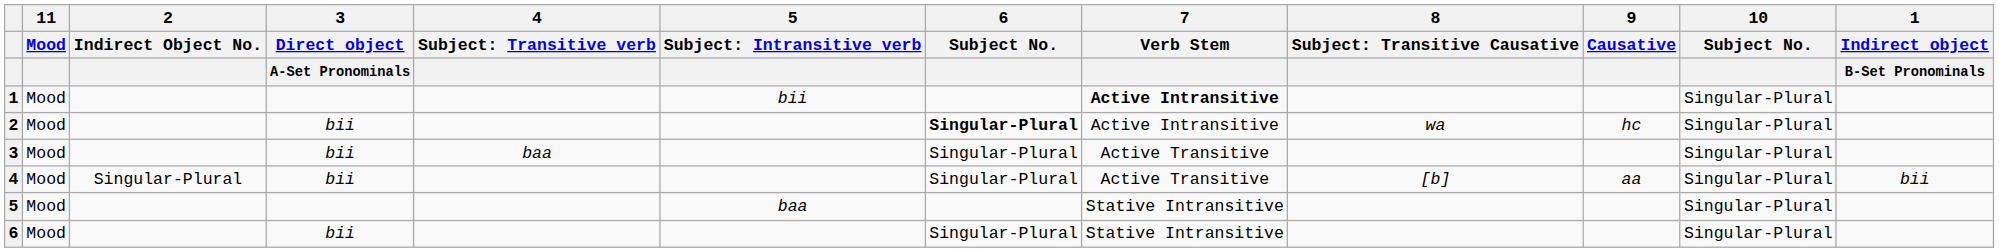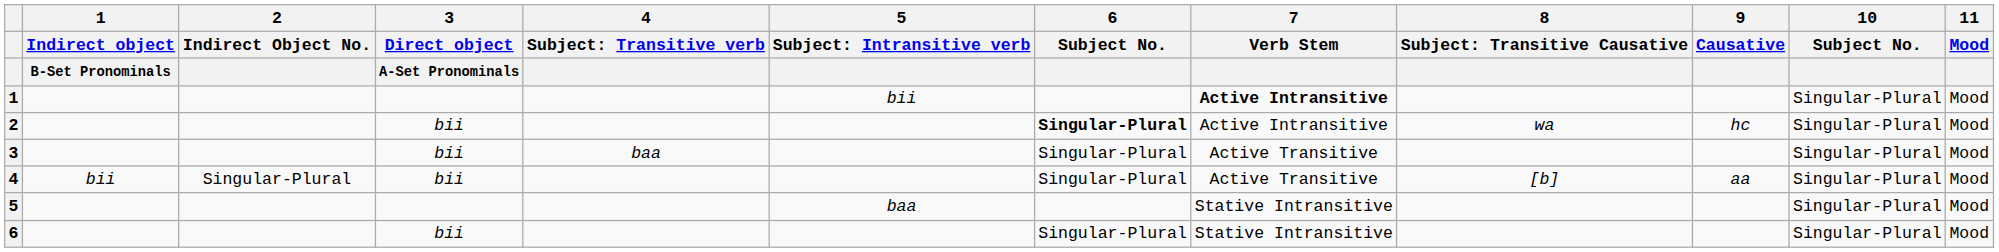 <table class="wikitable" style="text-align:center;">
 <tr>
 <th></th>
-<th>11</th>
+<th>1</th>
 <th>2</th>
 <th>3</th>
 <th>4</th>
 <th>5</th>
 <th>6</th>
 <th>7</th>
 <th>8</th>
 <th>9</th>
 <th>10</th>
-<th>1</th>
+<th>11</th>
 </tr>
 <tr>
 <th></th>
-<th><a href='#'>Mood</a></th>
+<th><a href='#'>Indirect object</a></th>
 <th>Indirect Object No.</th>
 <th><a href='#'>Direct object</a></th>
 <th>Subject: <a href='#'>Transitive verb</a></th>
 <th>Subject: <a href='#'>Intransitive verb</a></th>
 <th>Subject No.</th>
 <th>Verb Stem</th>
 <th>Subject: Transitive Causative</th>
 <th><a href='#'>Causative</a></th>
 <th>Subject No.</th>
-<th><a href='#'>Indirect object</a></th>
+<th><a href='#'>Mood</a></th>
 </tr>
 <tr>
 <th></th>
-<th></th>
+<th><small>B-Set Pronominals</small></th>
 <th></th>
 <th><small>A-Set Pronominals</small></th>
 <th></th>
 <th></th>
 <th></th>
 <th></th>
 <th></th>
 <th></th>
 <th></th>
-<th><small>B-Set Pronominals</small></th>
+<th></th>
 </tr>
 <tr>
 <th>1</th>
-<td>Mood</td>
+<td></td>
 <td></td>
 <td></td>
 <td></td>
 <td><em>bii</em></td>
 <td></td>
 <td><strong>Active Intransitive</strong></td>
 <td></td>
 <td></td>
 <td>Singular-Plural</td>
-<td></td>
+<td>Mood</td>
 </tr>
 <tr>
 <th>2</th>
-<td>Mood</td>
+<td></td>
 <td></td>
 <td><em>bii</em></td>
 <td></td>
 <td></td>
 <td><strong>Singular-Plural</strong></td>
 <td>Active Intransitive</td>
 <td><em>wa</em></td>
 <td><em>hc</em></td>
 <td>Singular-Plural</td>
-<td></td>
+<td>Mood</td>
 </tr>
 <tr>
 <th>3</th>
-<td>Mood</td>
+<td></td>
 <td></td>
 <td><em>bii</em></td>
 <td><em>baa</em></td>
 <td></td>
 <td>Singular-Plural</td>
 <td>Active Transitive</td>
 <td></td>
 <td></td>
 <td>Singular-Plural</td>
-<td></td>
+<td>Mood</td>
 </tr>
 <tr>
 <th>4</th>
-<td>Mood</td>
+<td><em>bii</em></td>
 <td>Singular-Plural</td>
 <td><em>bii</em></td>
 <td></td>
 <td></td>
 <td>Singular-Plural</td>
 <td>Active Transitive</td>
 <td><em>[b]</em></td>
 <td><em>aa</em></td>
 <td>Singular-Plural</td>
-<td><em>bii</em></td>
+<td>Mood</td>
 </tr>
 <tr>
 <th>5</th>
-<td>Mood</td>
+<td></td>
 <td></td>
 <td></td>
 <td></td>
 <td><em>baa</em></td>
 <td></td>
 <td>Stative Intransitive</td>
 <td></td>
 <td></td>
 <td>Singular-Plural</td>
-<td></td>
+<td>Mood</td>
 </tr>
 <tr>
 <th>6</th>
-<td>Mood</td>
+<td></td>
 <td></td>
 <td><em>bii</em></td>
 <td></td>
 <td></td>
 <td>Singular-Plural</td>
 <td>Stative Intransitive</td>
 <td></td>
 <td></td>
 <td>Singular-Plural</td>
-<td></td>
+<td>Mood</td>
 </tr>
 </table>
